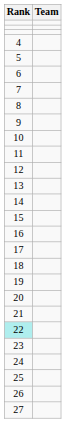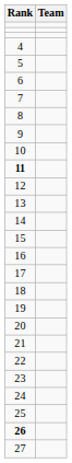 <table class="wikitable">
 <tr>
 <th>Rank</th>
 <th>Team</th>
 </tr>
 <tr>
 <td align=center></td>
 <td></td>
 </tr>
 <tr>
 <td align=center></td>
 <td></td>
 </tr>
 <tr>
 <td align=center></td>
 <td></td>
 </tr>
 <tr>
 <td align=center>4</td>
 <td></td>
 </tr>
 <tr>
 <td align=center>5</td>
 <td></td>
 </tr>
 <tr>
 <td align=center>6</td>
 <td></td>
 </tr>
 <tr>
 <td align=center>7</td>
 <td></td>
 </tr>
 <tr>
 <td align=center>8</td>
 <td></td>
 </tr>
 <tr>
 <td align=center>9</td>
 <td></td>
 </tr>
 <tr>
 <td align=center>10</td>
 <td></td>
 </tr>
 <tr>
-<td align=center>11</td>
+<td align=center><strong>11</strong></td>
 <td></td>
 </tr>
 <tr>
 <td align=center>12</td>
 <td></td>
 </tr>
 <tr>
 <td align=center>13</td>
 <td></td>
 </tr>
 <tr>
 <td align=center>14</td>
 <td></td>
 </tr>
 <tr>
 <td align=center>15</td>
 <td></td>
 </tr>
 <tr>
 <td align=center>16</td>
 <td></td>
 </tr>
 <tr>
 <td align=center>17</td>
 <td></td>
 </tr>
 <tr>
 <td align=center>18</td>
 <td></td>
 </tr>
 <tr>
 <td align=center>19</td>
 <td></td>
 </tr>
 <tr>
 <td align=center>20</td>
 <td></td>
 </tr>
 <tr>
 <td align=center>21</td>
 <td></td>
 </tr>
 <tr>
-<td align=center style="background: paleturquoise;">22</td>
+<td align=center>22</td>
 <td></td>
 </tr>
 <tr>
 <td align=center>23</td>
 <td></td>
 </tr>
 <tr>
 <td align=center>24</td>
 <td></td>
 </tr>
 <tr>
 <td align=center>25</td>
 <td></td>
 </tr>
 <tr>
-<td align=center>26</td>
+<td align=center><strong>26</strong></td>
 <td></td>
 </tr>
 <tr>
 <td align=center>27</td>
 <td></td>
 </tr>
 </table>
